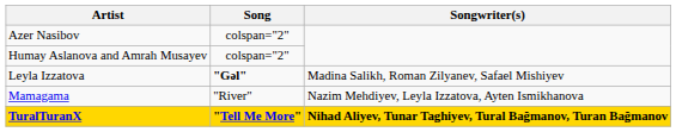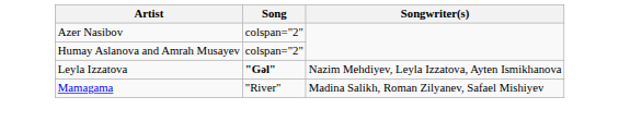 <table class="sortable wikitable" style="margin: 1em auto 1em auto; text-align:center">
 <tr>
 <th>Artist</th>
 <th>Song</th>
 <th class="unsortable">Songwriter(s)</th>
 </tr>
 <tr>
 <td align="left">Azer Nasibov</td>
 <td>colspan="2" </td>
 </tr>
 <tr>
 <td align="left">Humay Aslanova and Amrah Musayev</td>
 <td>colspan="2" </td>
 </tr>
 <tr>
 <td align="left">Leyla Izzatova</td>
 <td align="left"><strong>"Gəl"</strong></td>
-<td align="left">Madina Salikh, Roman Zilyanev, Safael Mishiyev</td>
+<td align="left">Nazim Mehdiyev, Leyla Izzatova, Ayten Ismikhanova</td>
 </tr>
 <tr>
 <td align="left"><a href='#'>Mamagama</a></td>
 <td align="left">"River"</td>
-<td align="left">Nazim Mehdiyev, Leyla Izzatova, Ayten Ismikhanova</td>
-</tr>
-<tr style="font-weight:bold; background:gold;">
-<td align="left"><a href='#'>TuralTuranX</a></td>
-<td align="left">"<a href='#'>Tell Me More</a>"</td>
-<td align="left">Nihad Aliyev, Tunar Taghiyev, Tural Bağmanov, Turan Bağmanov</td>
+<td align="left">Madina Salikh, Roman Zilyanev, Safael Mishiyev</td>
 </tr>
 </table>
